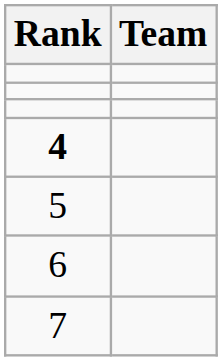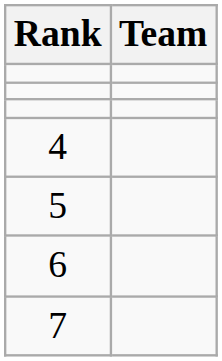 <table class=wikitable>
 <tr>
 <th>Rank</th>
 <th>Team</th>
 </tr>
 <tr>
 <td align=center></td>
 <td></td>
 </tr>
 <tr>
 <td align=center></td>
 <td></td>
 </tr>
 <tr>
 <td align=center></td>
 <td></td>
 </tr>
 <tr>
-<td align=center><strong>4</strong></td>
+<td align=center>4</td>
 <td></td>
 </tr>
 <tr>
 <td align=center>5</td>
 <td></td>
 </tr>
 <tr>
 <td align=center>6</td>
 <td></td>
 </tr>
 <tr>
 <td align=center>7</td>
 <td></td>
 </tr>
 </table>
